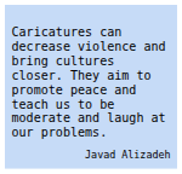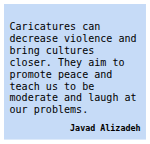 <table class="toccolours" style="float: left; margin-left: 1em; margin-right: 1em; font-size: 85%; background:#c6dbf7; color:black; width:23em; max-width: 25%;" cellspacing="5">
 <tr>
 <td style="text-align: left;"><br>Caricatures can decrease violence and bring cultures closer. They aim to promote peace and teach us to be moderate and laugh at our problems.</td>
 </tr>
 <tr>
-<td style="text-align: right;"><small>Javad Alizadeh</small></td>
+<td style="text-align: right;"><strong><small>Javad Alizadeh</small></strong></td>
 </tr>
 </table>
